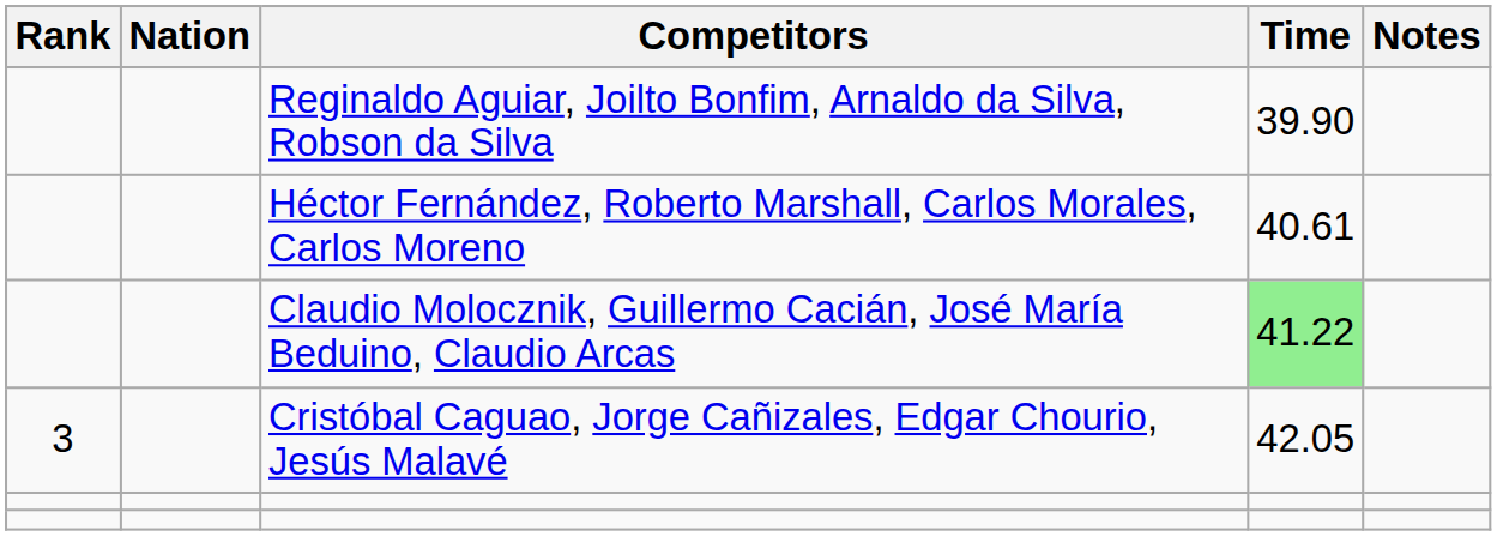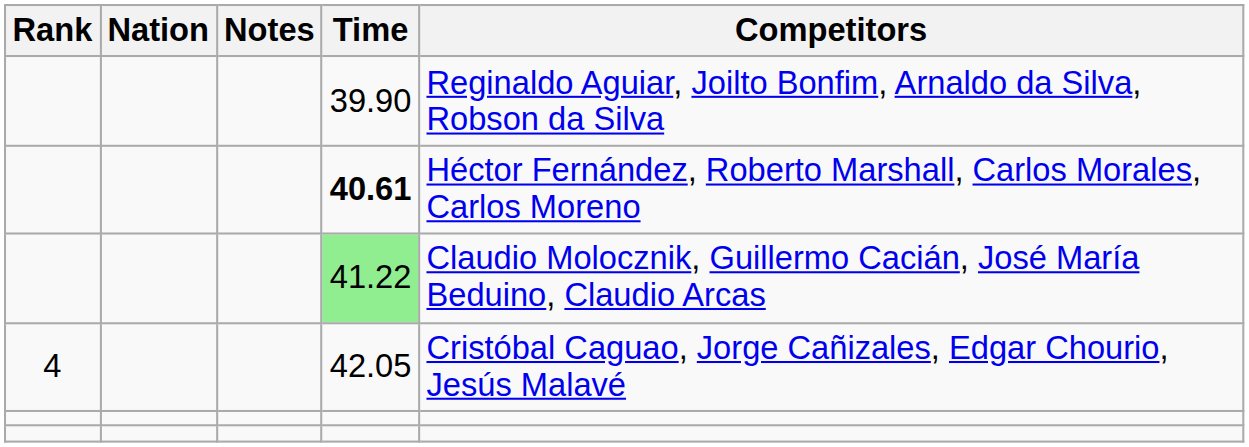 <table class="wikitable sortable" style="text-align:center">
 <tr>
 <th>Rank</th>
 <th>Nation</th>
+<th>Notes</th>
+<th>Time</th>
 <th>Competitors</th>
-<th>Time</th>
-<th>Notes</th>
 </tr>
 <tr>
 <td></td>
 <td align=left></td>
+<td></td>
+<td>39.90</td>
 <td align=left><a href='#'>Reginaldo Aguiar</a>, <a href='#'>Joilto Bonfim</a>, <a href='#'>Arnaldo da Silva</a>, <a href='#'>Robson da Silva</a></td>
-<td>39.90</td>
-<td></td>
 </tr>
 <tr>
 <td></td>
 <td align=left></td>
+<td></td>
+<td><strong>40.61</strong></td>
 <td align=left><a href='#'>Héctor Fernández</a>, <a href='#'>Roberto Marshall</a>, <a href='#'>Carlos Morales</a>, <a href='#'>Carlos Moreno</a></td>
-<td>40.61</td>
-<td></td>
 </tr>
 <tr>
 <td></td>
 <td align=left></td>
+<td></td>
+<td style="background: lightgreen;">41.22</td>
 <td align=left><a href='#'>Claudio Molocznik</a>, <a href='#'>Guillermo Cacián</a>, <a href='#'>José María Beduino</a>, <a href='#'>Claudio Arcas</a></td>
-<td style="background: lightgreen;">41.22</td>
-<td></td>
 </tr>
 <tr>
-<td>3</td>
+<td>4</td>
 <td align=left></td>
+<td></td>
+<td>42.05</td>
 <td align=left><a href='#'>Cristóbal Caguao</a>, <a href='#'>Jorge Cañizales</a>, <a href='#'>Edgar Chourio</a>, <a href='#'>Jesús Malavé</a></td>
-<td>42.05</td>
-<td></td>
 </tr>
 <tr>
 <td></td>
 <td align=left></td>
-<td align=left></td>
 <td></td>
 <td></td>
+<td align=left></td>
 </tr>
 <tr>
 <td></td>
 <td align=left></td>
-<td align=left></td>
 <td></td>
 <td></td>
+<td align=left></td>
 </tr>
 </table>
